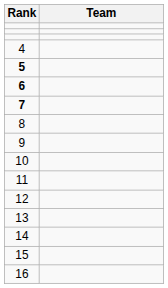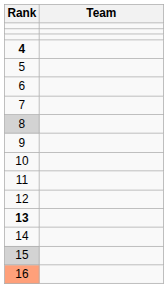 <table class="wikitable" style="text-align:center">
 <tr>
 <th width=40>Rank</th>
 <th width=160>Team</th>
 </tr>
 <tr>
 <td></td>
 <td style="text-align:left"></td>
 </tr>
 <tr>
 <td></td>
 <td style="text-align:left"></td>
 </tr>
 <tr>
 <td></td>
 <td style="text-align:left"></td>
 </tr>
 <tr>
-<td>4</td>
+<td><strong>4</strong></td>
 <td style="text-align:left"></td>
 </tr>
 <tr>
-<td><strong>5</strong></td>
+<td>5</td>
 <td style="text-align:left"></td>
 </tr>
 <tr>
-<td><strong>6</strong></td>
+<td>6</td>
 <td style="text-align:left"></td>
 </tr>
 <tr>
-<td><strong>7</strong></td>
+<td>7</td>
 <td style="text-align:left"></td>
 </tr>
 <tr>
-<td>8</td>
+<td style="background: lightgrey;">8</td>
 <td style="text-align:left"></td>
 </tr>
 <tr>
 <td>9</td>
 <td style="text-align:left"></td>
 </tr>
 <tr>
 <td>10</td>
 <td style="text-align:left"></td>
 </tr>
 <tr>
 <td>11</td>
 <td style="text-align:left"></td>
 </tr>
 <tr>
 <td>12</td>
 <td style="text-align:left"></td>
 </tr>
 <tr>
-<td>13</td>
+<td><strong>13</strong></td>
 <td style="text-align:left"></td>
 </tr>
 <tr>
 <td>14</td>
 <td style="text-align:left"></td>
 </tr>
 <tr>
-<td>15</td>
+<td style="background: lightgrey;">15</td>
 <td style="text-align:left"></td>
 </tr>
 <tr>
-<td>16</td>
+<td style="background: lightsalmon;">16</td>
 <td style="text-align:left"></td>
 </tr>
 </table>
